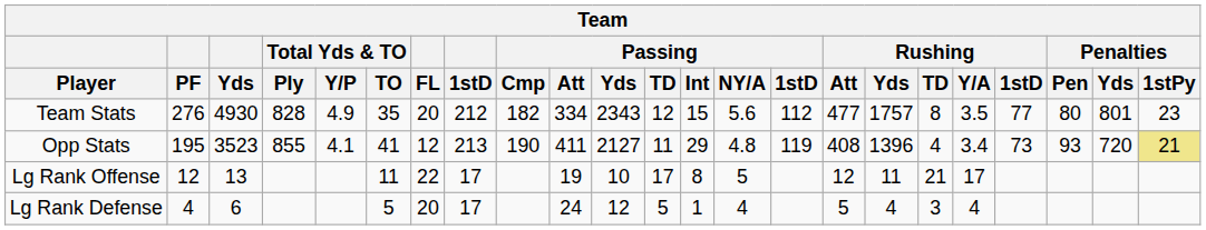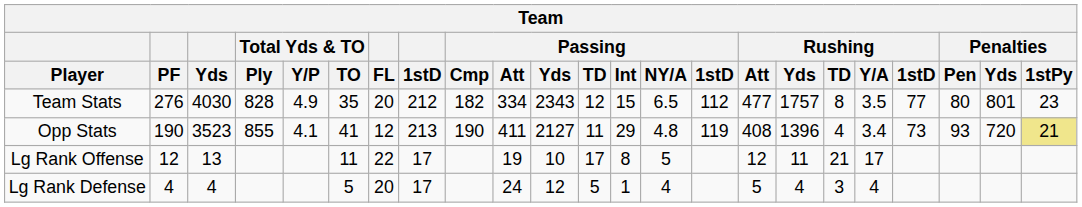 <table class="wikitable" style="text-align:center">
 <tr>
 <th colspan="23">Team</th>
 </tr>
 <tr>
 <th></th>
 <th></th>
 <th></th>
 <th colspan="3">Total Yds & TO</th>
 <th></th>
 <th></th>
 <th colspan="7">Passing</th>
 <th colspan="5">Rushing</th>
 <th colspan="3">Penalties</th>
 </tr>
 <tr>
 <th>Player</th>
 <th>PF</th>
 <th>Yds</th>
 <th>Ply</th>
 <th>Y/P</th>
 <th>TO</th>
 <th>FL</th>
 <th>1stD</th>
 <th>Cmp</th>
 <th>Att</th>
 <th>Yds</th>
 <th>TD</th>
 <th>Int</th>
 <th>NY/A</th>
 <th>1stD</th>
 <th>Att</th>
 <th>Yds</th>
 <th>TD</th>
 <th>Y/A</th>
 <th>1stD</th>
 <th>Pen</th>
 <th>Yds</th>
 <th>1stPy</th>
 </tr>
 <tr>
 <td>Team Stats</td>
 <td>276</td>
-<td>4930</td>
+<td>4030</td>
 <td>828</td>
 <td>4.9</td>
 <td>35</td>
 <td>20</td>
 <td>212</td>
 <td>182</td>
 <td>334</td>
 <td>2343</td>
 <td>12</td>
 <td>15</td>
-<td>5.6</td>
+<td>6.5</td>
 <td>112</td>
 <td>477</td>
 <td>1757</td>
 <td>8</td>
 <td>3.5</td>
 <td>77</td>
 <td>80</td>
 <td>801</td>
 <td>23</td>
 </tr>
 <tr>
 <td>Opp Stats</td>
-<td>195</td>
+<td>190</td>
 <td>3523</td>
 <td>855</td>
 <td>4.1</td>
 <td>41</td>
 <td>12</td>
 <td>213</td>
 <td>190</td>
 <td>411</td>
 <td>2127</td>
 <td>11</td>
 <td>29</td>
 <td>4.8</td>
 <td>119</td>
 <td>408</td>
 <td>1396</td>
 <td>4</td>
 <td>3.4</td>
 <td>73</td>
 <td>93</td>
 <td>720</td>
 <td style="background: khaki;">21</td>
 </tr>
 <tr>
 <td>Lg Rank Offense</td>
 <td>12</td>
 <td>13</td>
 <td></td>
 <td></td>
 <td>11</td>
 <td>22</td>
 <td>17</td>
 <td></td>
 <td>19</td>
 <td>10</td>
 <td>17</td>
 <td>8</td>
 <td>5</td>
 <td></td>
 <td>12</td>
 <td>11</td>
 <td>21</td>
 <td>17</td>
 <td></td>
 <td></td>
 <td></td>
 <td></td>
 </tr>
 <tr>
 <td>Lg Rank Defense</td>
 <td>4</td>
-<td>6</td>
+<td>4</td>
 <td></td>
 <td></td>
 <td>5</td>
 <td>20</td>
 <td>17</td>
 <td></td>
 <td>24</td>
 <td>12</td>
 <td>5</td>
 <td>1</td>
 <td>4</td>
 <td></td>
 <td>5</td>
 <td>4</td>
 <td>3</td>
 <td>4</td>
 <td></td>
 <td></td>
 <td></td>
 <td></td>
 </tr>
 </table>
